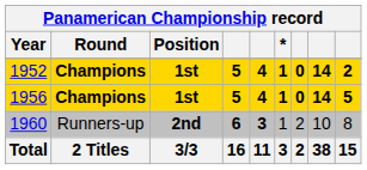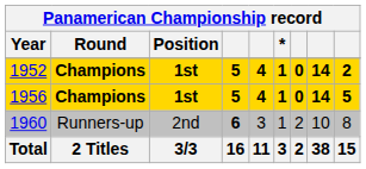 <table class="wikitable" style="text-align:center">
 <tr>
 <th colspan=9><a href='#'>Panamerican Championship</a> record</th>
 </tr>
 <tr>
 <th>Year</th>
 <th>Round</th>
 <th>Position</th>
 <th></th>
 <th></th>
 <th>*</th>
 <th></th>
 <th></th>
 <th></th>
 </tr>
 <tr>
 </tr>
 <tr style="background:gold">
 <td> <a href='#'>1952</a></td>
 <td><strong>Champions</strong></td>
 <td><strong>1st</strong></td>
 <td><strong>5</strong></td>
 <td><strong>4</strong></td>
 <td><strong>1</strong></td>
 <td><strong>0</strong></td>
 <td><strong>14</strong></td>
 <td><strong>2</strong></td>
 </tr>
 <tr style="background:gold">
 <td> <a href='#'>1956</a></td>
 <td><strong>Champions</strong></td>
 <td><strong>1st</strong></td>
 <td><strong>5</strong></td>
 <td><strong>4</strong></td>
 <td><strong>1</strong></td>
 <td><strong>0</strong></td>
 <td><strong>14</strong></td>
 <td><strong>5</strong></td>
 </tr>
 <tr style="background:silver">
 <td> <a href='#'>1960</a></td>
 <td>Runners-up</td>
-<td><strong>2nd</strong></td>
+<td>2nd</td>
 <td><strong>6</strong></td>
-<td><strong>3</strong></td>
+<td>3</td>
 <td>1</td>
 <td>2</td>
 <td>10</td>
 <td>8</td>
 </tr>
 <tr>
 <th>Total</th>
 <th>2 Titles</th>
 <th>3/3</th>
 <th>16</th>
 <th>11</th>
 <th>3</th>
 <th>2</th>
 <th>38</th>
 <th>15</th>
 </tr>
 </table>
